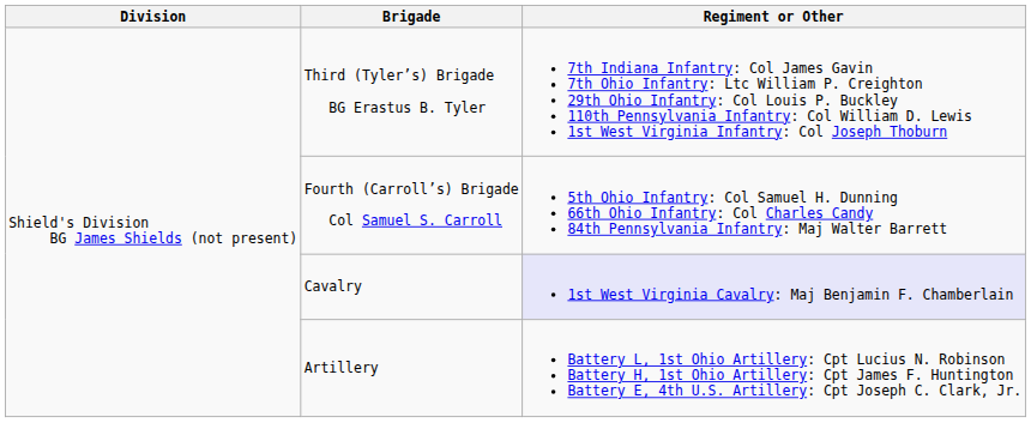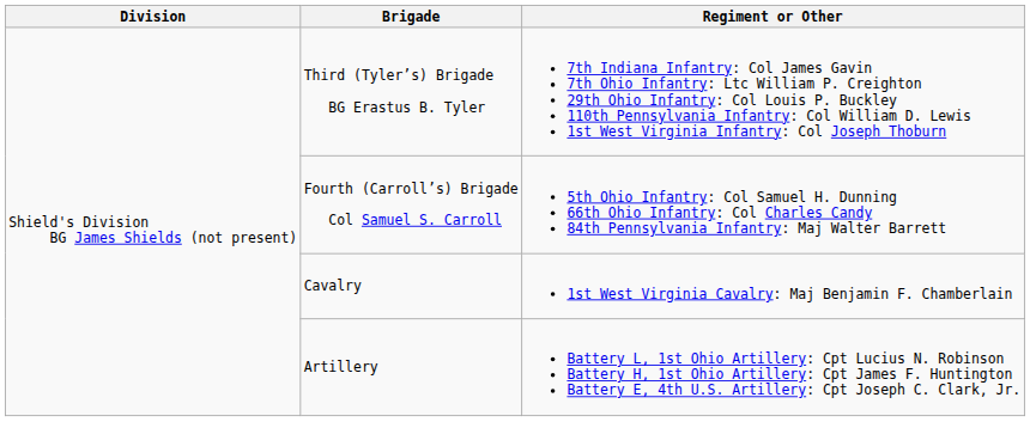 <table class="wikitable">
 <tr>
 <th>Division</th>
 <th>Brigade</th>
 <th>Regiment or Other</th>
 </tr>
 <tr>
 <td rowspan=4><br>Shield's Division <br>     BG <a href='#'>James Shields</a> (not present)</td>
 <td>Third (Tyler’s) Brigade<br><br>   BG Erastus B. Tyler</td>
 <td><br><ul><li><a href='#'>7th Indiana Infantry</a>: Col James Gavin</li><li><a href='#'>7th Ohio Infantry</a>: Ltc William P. Creighton</li><li><a href='#'>29th Ohio Infantry</a>: Col Louis P. Buckley</li><li><a href='#'>110th Pennsylvania Infantry</a>: Col William D. Lewis</li><li><a href='#'>1st West Virginia Infantry</a>: Col <a href='#'>Joseph Thoburn</a></li></ul></td>
 </tr>
 <tr>
 <td>Fourth (Carroll’s) Brigade<br><br>   Col <a href='#'>Samuel S. Carroll</a></td>
 <td><br><ul><li><a href='#'>5th Ohio Infantry</a>: Col Samuel H. Dunning</li><li><a href='#'>66th Ohio Infantry</a>: Col <a href='#'>Charles Candy</a></li><li><a href='#'>84th Pennsylvania Infantry</a>: Maj Walter Barrett</li></ul></td>
 </tr>
 <tr>
 <td>Cavalry</td>
-<td style="background: lavender;"><br><ul><li><a href='#'>1st West Virginia Cavalry</a>: Maj Benjamin F. Chamberlain</li></ul></td>
+<td><br><ul><li><a href='#'>1st West Virginia Cavalry</a>: Maj Benjamin F. Chamberlain</li></ul></td>
 </tr>
 <tr>
 <td>Artillery</td>
 <td><br><ul><li><a href='#'>Battery L, 1st Ohio Artillery</a>: Cpt Lucius N. Robinson</li><li><a href='#'>Battery H, 1st Ohio Artillery</a>: Cpt James F. Huntington</li><li><a href='#'>Battery E, 4th U.S. Artillery</a>: Cpt Joseph C. Clark, Jr.</li></ul></td>
 </tr>
 </table>
